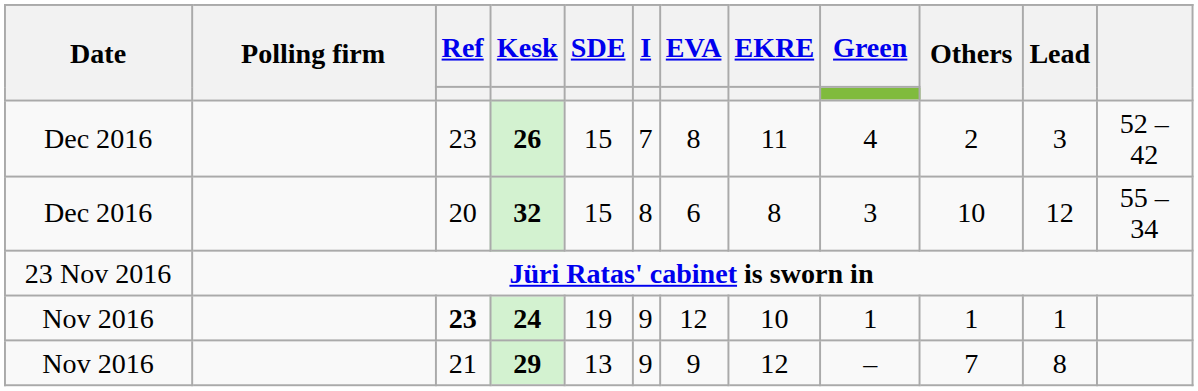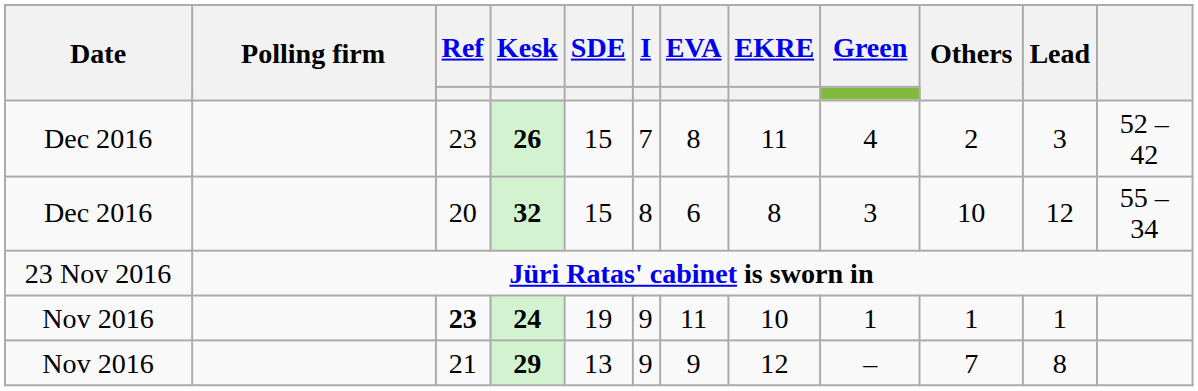 <table class="wikitable" style="text-align:center; font-size:90%; line-height:16px;">
 <tr style="height:42px;">
 <th style="width:150px;" rowspan="2">Date</th>
 <th style="width:195px;" rowspan="2">Polling firm</th>
 <th><a href='#'><span>Ref</span></a></th>
 <th><a href='#'><span>Kesk</span></a></th>
 <th><a href='#'><span>SDE</span></a></th>
 <th><a href='#'><span>I</span></a></th>
 <th><a href='#'><span>EVA</span></a></th>
 <th><a href='#'><span>EKRE</span></a></th>
 <th><a href='#'><span>Green</span></a></th>
 <th style="width:50px;" rowspan="2">Others</th>
 <th style="width:20px;" rowspan="2">Lead</th>
 <th style="width:70px;" rowspan="2"></th>
 </tr>
 <tr>
 <th style="background:"></th>
 <th style="background:"></th>
 <th style="background:"></th>
 <th style="background:"></th>
 <th style="background:"></th>
 <th style="background:"></th>
 <th style="background:#80BB3D; width:50px;"></th>
 </tr>
 <tr>
 <td>Dec 2016</td>
 <td></td>
 <td>23</td>
 <td style="background:#D3F2D0;"><strong>26</strong></td>
 <td>15</td>
 <td>7</td>
 <td>8</td>
 <td>11</td>
 <td>4</td>
 <td>2</td>
 <td style="background:">3</td>
 <td>52 – 42</td>
 </tr>
 <tr>
 <td>Dec 2016</td>
 <td></td>
 <td>20</td>
 <td style="background:#D3F2D0;"><strong>32</strong></td>
 <td>15</td>
 <td>8</td>
 <td>6</td>
 <td>8</td>
 <td>3</td>
 <td>10</td>
 <td style="background:">12</td>
 <td>55 – 34</td>
 </tr>
 <tr>
 <td>23 Nov 2016</td>
 <td colspan="11"><strong><a href='#'>Jüri Ratas' cabinet</a> is sworn in</strong></td>
 </tr>
 <tr>
 <td>Nov 2016</td>
 <td></td>
 <td><strong>23</strong></td>
 <td style="background:#D3F2D0;"><strong>24</strong></td>
 <td>19</td>
 <td>9</td>
-<td>12</td>
+<td>11</td>
 <td>10</td>
 <td>1</td>
 <td>1</td>
 <td style="background:">1</td>
 <td></td>
 </tr>
 <tr>
 <td>Nov 2016</td>
 <td></td>
 <td>21</td>
 <td style="background:#D3F2D0;"><strong>29</strong></td>
 <td>13</td>
 <td>9</td>
 <td>9</td>
 <td>12</td>
 <td>–</td>
 <td>7</td>
 <td style="background:">8</td>
 <td></td>
 </tr>
 </table>
